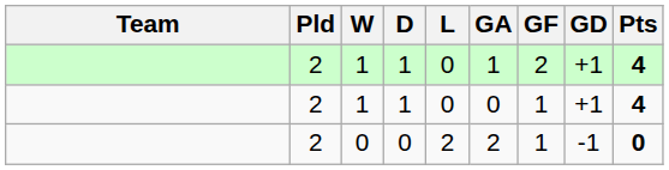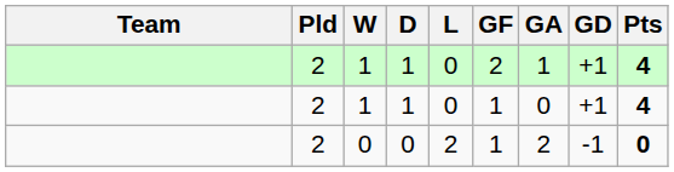 <table class="wikitable" style="text-align:center;">
 <tr>
 <th width=175>Team</th>
 <th width=20 abbr="Played">Pld</th>
 <th width=20 abbr="Won">W</th>
 <th width=20 abbr="Drawn">D</th>
 <th width=20 abbr="Lost">L</th>
+<th width=20 abbr="Goals for">GF</th>
 <th width=20 abbr="Goals against">GA</th>
-<th width=20 abbr="Goals for">GF</th>
 <th width=20 abbr="Goal difference">GD</th>
 <th width=20 abbr="Points">Pts</th>
 </tr>
 <tr bgcolor=#ccffcc>
 <td align=left></td>
 <td>2</td>
 <td>1</td>
 <td>1</td>
 <td>0</td>
+<td>2</td>
 <td>1</td>
-<td>2</td>
 <td>+1</td>
 <td><strong>4</strong></td>
 </tr>
 <tr>
 <td align=left></td>
 <td>2</td>
 <td>1</td>
 <td>1</td>
 <td>0</td>
+<td>1</td>
 <td>0</td>
-<td>1</td>
 <td>+1</td>
 <td><strong>4</strong></td>
 </tr>
 <tr>
 <td align=left></td>
 <td>2</td>
 <td>0</td>
 <td>0</td>
 <td>2</td>
+<td>1</td>
 <td>2</td>
-<td>1</td>
 <td>-1</td>
 <td><strong>0</strong></td>
 </tr>
 </table>
